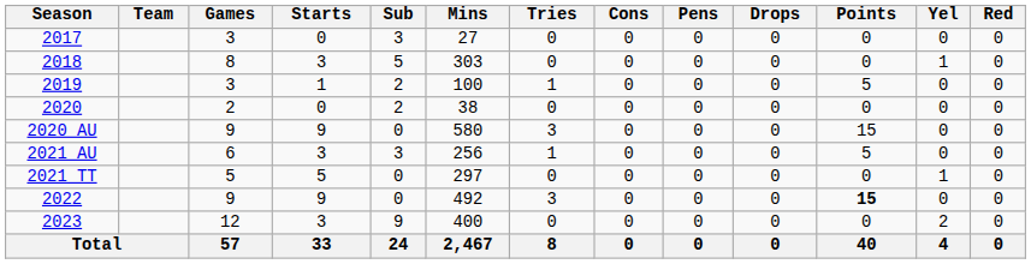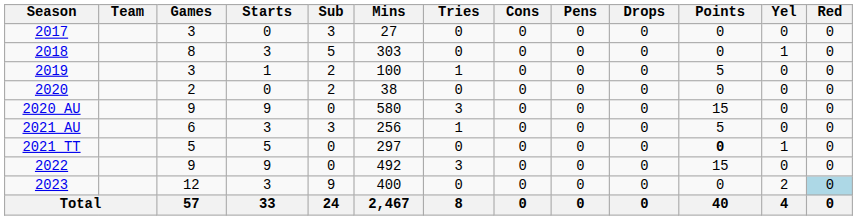 <table class="wikitable" style="text-align:center; line-height:90%; font-size:95%; width:60%;">
 <tr>
 <th>Season</th>
 <th>Team</th>
 <th>Games</th>
 <th>Starts</th>
 <th>Sub</th>
 <th>Mins</th>
 <th>Tries</th>
 <th>Cons</th>
 <th>Pens</th>
 <th>Drops</th>
 <th>Points</th>
 <th>Yel</th>
 <th>Red</th>
 </tr>
 <tr>
 <td><a href='#'>2017</a></td>
 <td></td>
 <td>3</td>
 <td>0</td>
 <td>3</td>
 <td>27</td>
 <td>0</td>
 <td>0</td>
 <td>0</td>
 <td>0</td>
 <td>0</td>
 <td>0</td>
 <td>0</td>
 </tr>
 <tr>
 <td><a href='#'>2018</a></td>
 <td></td>
 <td>8</td>
 <td>3</td>
 <td>5</td>
 <td>303</td>
 <td>0</td>
 <td>0</td>
 <td>0</td>
 <td>0</td>
 <td>0</td>
 <td>1</td>
 <td>0</td>
 </tr>
 <tr>
 <td><a href='#'>2019</a></td>
 <td></td>
 <td>3</td>
 <td>1</td>
 <td>2</td>
 <td>100</td>
 <td>1</td>
 <td>0</td>
 <td>0</td>
 <td>0</td>
 <td>5</td>
 <td>0</td>
 <td>0</td>
 </tr>
 <tr>
 <td><a href='#'>2020</a></td>
 <td></td>
 <td>2</td>
 <td>0</td>
 <td>2</td>
 <td>38</td>
 <td>0</td>
 <td>0</td>
 <td>0</td>
 <td>0</td>
 <td>0</td>
 <td>0</td>
 <td>0</td>
 </tr>
 <tr>
 <td><a href='#'>2020 AU</a></td>
 <td></td>
 <td>9</td>
 <td>9</td>
 <td>0</td>
 <td>580</td>
 <td>3</td>
 <td>0</td>
 <td>0</td>
 <td>0</td>
 <td>15</td>
 <td>0</td>
 <td>0</td>
 </tr>
 <tr>
 <td><a href='#'>2021 AU</a></td>
 <td></td>
 <td>6</td>
 <td>3</td>
 <td>3</td>
 <td>256</td>
 <td>1</td>
 <td>0</td>
 <td>0</td>
 <td>0</td>
 <td>5</td>
 <td>0</td>
 <td>0</td>
 </tr>
 <tr>
 <td><a href='#'>2021 TT</a></td>
 <td></td>
 <td>5</td>
 <td>5</td>
 <td>0</td>
 <td>297</td>
 <td>0</td>
 <td>0</td>
 <td>0</td>
 <td>0</td>
-<td>0</td>
+<td><strong>0</strong></td>
 <td>1</td>
 <td>0</td>
 </tr>
 <tr>
 <td><a href='#'>2022</a></td>
 <td></td>
 <td>9</td>
 <td>9</td>
 <td>0</td>
 <td>492</td>
 <td>3</td>
 <td>0</td>
 <td>0</td>
 <td>0</td>
-<td><strong>15</strong></td>
+<td>15</td>
 <td>0</td>
 <td>0</td>
 </tr>
 <tr>
 <td><a href='#'>2023</a></td>
 <td></td>
 <td>12</td>
 <td>3</td>
 <td>9</td>
 <td>400</td>
 <td>0</td>
 <td>0</td>
 <td>0</td>
 <td>0</td>
 <td>0</td>
 <td>2</td>
-<td>0</td>
+<td style="background: lightblue;">0</td>
 </tr>
 <tr>
 <th colspan="2">Total</th>
 <th>57</th>
 <th>33</th>
 <th>24</th>
 <th>2,467</th>
 <th>8</th>
 <th>0</th>
 <th>0</th>
 <th>0</th>
 <th>40</th>
 <th>4</th>
 <th>0</th>
 </tr>
 </table>
